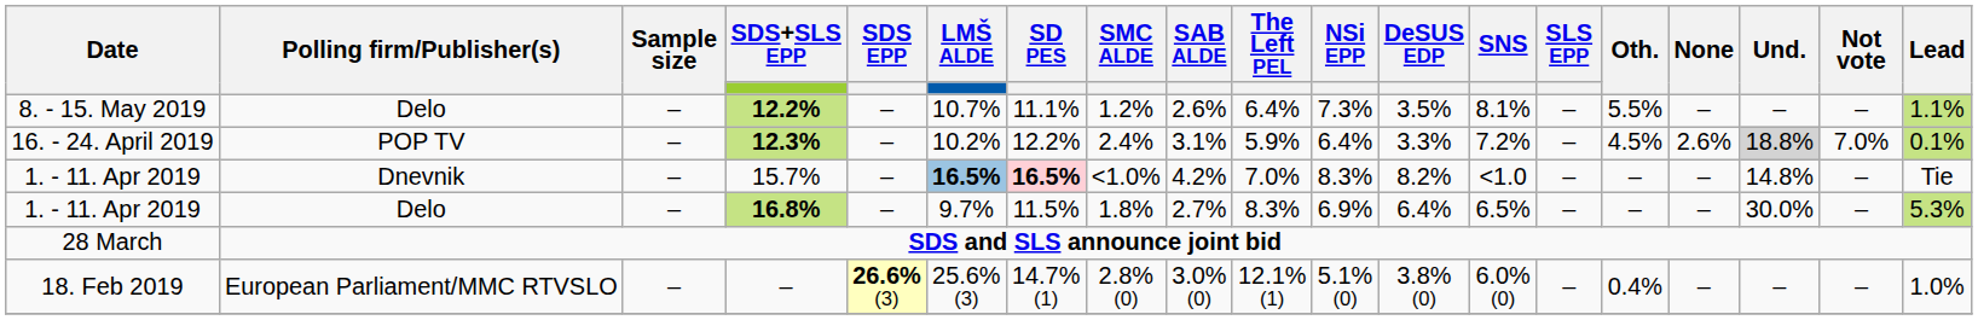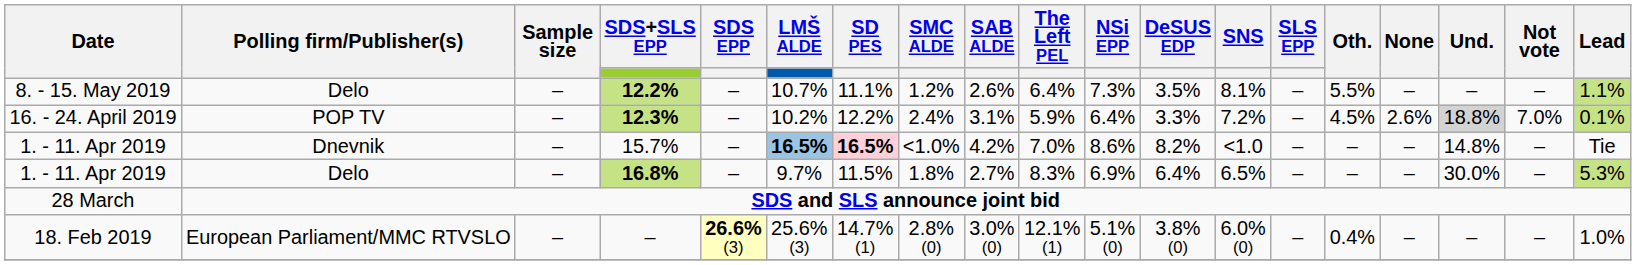 <table class="wikitable" style="text-align:center;font-size:83%;line-height:12px">
 <tr>
 <th rowspan="2">Date</th>
 <th rowspan="2">Polling firm/Publisher(s)</th>
 <th style="width:50px;" rowspan="2">Sample size</th>
 <th style="width:50px;"><a href='#'>SDS</a>+<a href='#'>SLS</a> <small><a href='#'>EPP</a></small><br></th>
 <th style="width:30px;"><a href='#'>SDS</a> <small><a href='#'>EPP</a></small><br></th>
 <th style="width:30px;"><a href='#'>LMŠ</a> <small><a href='#'>ALDE</a></small><br></th>
 <th style="width:30px;"><a href='#'>SD</a> <small><a href='#'>PES</a></small><br></th>
 <th style="width:30px;"><a href='#'>SMC</a> <small><a href='#'>ALDE</a></small><br></th>
 <th style="width:30px;"><a href='#'>SAB</a> <small><a href='#'>ALDE</a></small><br></th>
 <th style="width:30px;"><a href='#'>The Left</a> <small><a href='#'>PEL</a></small><br></th>
 <th style="width:30px;"><a href='#'>NSi</a> <small><a href='#'>EPP</a></small><br></th>
 <th style="width:30px;"><a href='#'>DeSUS</a> <small><a href='#'>EDP</a></small><br></th>
 <th style="width:30px;"><a href='#'>SNS</a> <small></small><br></th>
 <th style="width:30px;"><a href='#'>SLS</a> <small><a href='#'>EPP</a></small><br></th>
 <th style="width:30px;" rowspan="2">Oth.</th>
 <th style="width:30px;" rowspan="2">None</th>
 <th style="width:30px;" rowspan="2">Und.</th>
 <th style="width:40px;" rowspan="2">Not vote</th>
 <th style="width:30px;" rowspan="2">Lead</th>
 </tr>
 <tr>
 <th style="background: #9ACD32; width:30px;"></th>
 <th style="background:"></th>
 <th style="background: #005AAB; width:30px"></th>
 <th style="background:"></th>
 <th style="background:"></th>
 <th style="background:"></th>
 <th style="background:"></th>
 <th style="background:"></th>
 <th style="background:"></th>
 <th style="background:"></th>
 <th style="background:"></th>
 </tr>
 <tr>
 <td>8. - 15. May 2019</td>
 <td>Delo</td>
 <td>–</td>
 <td style="background: #C5E384 "><strong>12.2%</strong></td>
 <td>–</td>
 <td>10.7%</td>
 <td>11.1%</td>
 <td>1.2%</td>
 <td>2.6%</td>
 <td>6.4%</td>
 <td>7.3%</td>
 <td>3.5%</td>
 <td>8.1%</td>
 <td>–</td>
 <td>5.5%</td>
 <td>–</td>
 <td>–</td>
 <td>–</td>
 <td style="background: #C5E384 ">1.1%</td>
 </tr>
 <tr>
 <td>16. - 24. April 2019</td>
 <td>POP TV</td>
 <td>–</td>
 <td style="background: #C5E384 "><strong>12.3%</strong></td>
 <td>–</td>
 <td>10.2%</td>
 <td>12.2%</td>
 <td>2.4%</td>
 <td>3.1%</td>
 <td>5.9%</td>
 <td>6.4%</td>
 <td>3.3%</td>
 <td>7.2%</td>
 <td>–</td>
 <td>4.5%</td>
 <td>2.6%</td>
 <td style="background: lightgrey;">18.8%</td>
 <td>7.0%</td>
 <td style="background: #C5E384 ">0.1%</td>
 </tr>
 <tr>
 <td>1. - 11. Apr 2019</td>
 <td>Dnevnik</td>
 <td>–</td>
 <td>15.7%<br></td>
 <td>–</td>
 <td style="background: #9BC4E2 "><strong>16.5%</strong><br></td>
 <td style="background: #FFD0D7 "><strong>16.5%</strong><br></td>
 <td><1.0%<br></td>
 <td>4.2%<br></td>
 <td>7.0%<br></td>
-<td>8.3%<br></td>
+<td>8.6%<br></td>
 <td>8.2%</td>
 <td><1.0</td>
 <td>–</td>
 <td>–</td>
 <td>–</td>
 <td>14.8%</td>
 <td>–</td>
 <td>Tie</td>
 </tr>
 <tr |->
 <td>1. - 11. Apr 2019</td>
 <td>Delo</td>
 <td>–</td>
 <td style="background: #C5E384 "><strong>16.8%</strong><br></td>
 <td>–</td>
 <td>9.7% <br></td>
 <td>11.5%<br></td>
 <td>1.8%</td>
 <td>2.7% <br></td>
 <td>8.3% <br></td>
 <td>6.9%</td>
 <td>6.4% <br></td>
 <td>6.5% <br></td>
 <td>–</td>
 <td>–</td>
 <td>–</td>
 <td>30.0%</td>
 <td>–</td>
 <td style="background: #C5E384 ">5.3%</td>
 </tr>
 <tr>
 <td>28 March</td>
 <td colspan="19"><strong><a href='#'>SDS</a> and <a href='#'>SLS</a> announce joint bid</strong></td>
 </tr>
 <tr>
 <td>18. Feb 2019</td>
 <td>European Parliament/MMC RTVSLO</td>
 <td>–</td>
 <td>–</td>
 <td style="background:#FFFFBF"><strong>26.6%</strong> <small>(3)</small><br></td>
 <td>25.6% <small>(3)</small><br></td>
 <td>14.7% <small>(1)</small><br></td>
 <td>2.8% <small>(0)</small><br></td>
 <td>3.0% <small>(0)</small><br></td>
 <td>12.1% <small>(1)</small><br></td>
 <td>5.1% <small>(0)</small><br></td>
 <td>3.8% <small>(0)</small><br></td>
 <td>6.0% <small>(0)</small><br></td>
 <td>–</td>
 <td>0.4%</td>
 <td>–</td>
 <td>–</td>
 <td>–</td>
 <td style="background:">1.0%</td>
 </tr>
 <tr>
 </tr>
 </table>
